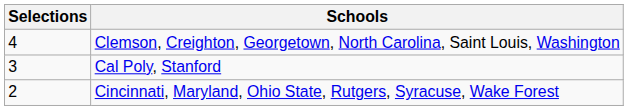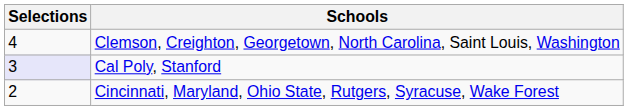 <table class="wikitable sortable" style="text-align:left">
 <tr>
 <th>Selections</th>
 <th class="unsortable">Schools</th>
 </tr>
 <tr>
 <td>4</td>
 <td><a href='#'>Clemson</a>, <a href='#'>Creighton</a>, <a href='#'>Georgetown</a>, <a href='#'>North Carolina</a>, Saint Louis, <a href='#'>Washington</a></td>
 </tr>
 <tr>
-<td>3</td>
+<td style="background: lavender;">3</td>
 <td><a href='#'>Cal Poly</a>, <a href='#'>Stanford</a></td>
 </tr>
 <tr>
 <td>2</td>
 <td><a href='#'>Cincinnati</a>, <a href='#'>Maryland</a>, <a href='#'>Ohio State</a>, <a href='#'>Rutgers</a>, <a href='#'>Syracuse</a>, <a href='#'>Wake Forest</a></td>
 </tr>
 </table>
